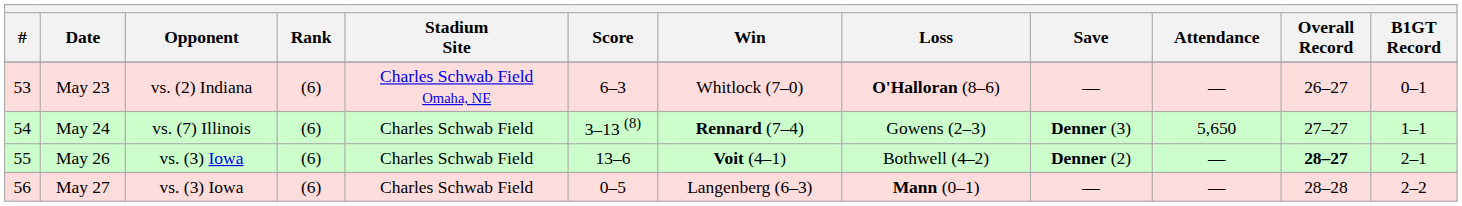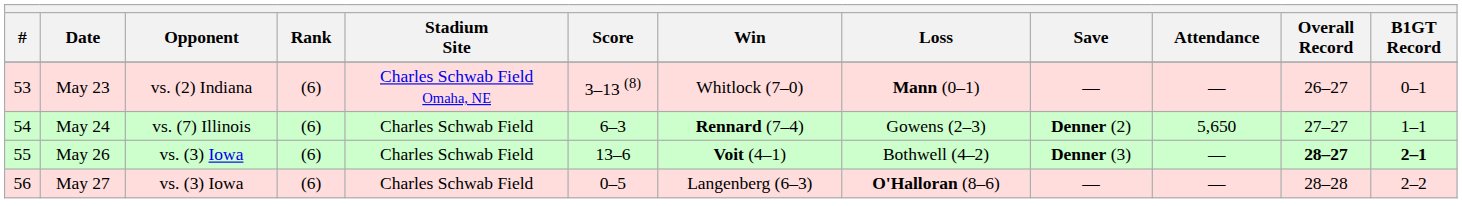 <table class="wikitable collapsible collapsed" style="margin:auto; width:100%; text-align:center; font-size:95%">
 <tr>
 <th colspan=12 style="padding-left:4em;"></th>
 </tr>
 <tr>
 <th>#</th>
 <th>Date</th>
 <th>Opponent</th>
 <th>Rank</th>
 <th>Stadium<br>Site</th>
 <th>Score</th>
 <th>Win</th>
 <th>Loss</th>
 <th>Save</th>
 <th>Attendance</th>
 <th>Overall<br>Record</th>
 <th>B1GT<br>Record</th>
 </tr>
 <tr>
 </tr>
 <tr align="center" bgcolor="#ffdddd">
 <td>53</td>
 <td>May 23</td>
 <td>vs. (2) Indiana</td>
 <td>(6)</td>
 <td><a href='#'>Charles Schwab Field</a><br><small><a href='#'>Omaha, NE</a></small></td>
-<td>6–3</td>
+<td>3–13 <sup>(8)</sup></td>
 <td>Whitlock (7–0)</td>
-<td><strong>O'Halloran</strong> (8–6)</td>
+<td><strong>Mann</strong> (0–1)</td>
 <td>—</td>
 <td>—</td>
 <td>26–27</td>
 <td>0–1</td>
 </tr>
 <tr align="center" bgcolor="#ccffcc">
 <td>54</td>
 <td>May 24</td>
 <td>vs. (7) Illinois</td>
 <td>(6)</td>
 <td>Charles Schwab Field</td>
-<td>3–13 <sup>(8)</sup></td>
+<td>6–3</td>
 <td><strong>Rennard</strong> (7–4)</td>
 <td>Gowens (2–3)</td>
-<td><strong>Denner</strong> (3)</td>
+<td><strong>Denner</strong> (2)</td>
 <td>5,650</td>
 <td>27–27</td>
 <td>1–1</td>
 </tr>
 <tr align="center" bgcolor="#ccffcc">
 <td>55</td>
 <td>May 26</td>
 <td>vs. (3) <a href='#'>Iowa</a></td>
 <td>(6)</td>
 <td>Charles Schwab Field</td>
 <td>13–6</td>
 <td><strong>Voit</strong> (4–1)</td>
 <td>Bothwell (4–2)</td>
-<td><strong>Denner</strong> (2)</td>
+<td><strong>Denner</strong> (3)</td>
 <td>—</td>
 <td><strong>28–27</strong></td>
-<td>2–1</td>
+<td><strong>2–1</strong></td>
 </tr>
 <tr align="center" bgcolor="#ffdddd">
 <td>56</td>
 <td>May 27</td>
 <td>vs. (3) Iowa</td>
 <td>(6)</td>
 <td>Charles Schwab Field</td>
 <td>0–5</td>
 <td>Langenberg (6–3)</td>
-<td><strong>Mann</strong> (0–1)</td>
+<td><strong>O'Halloran</strong> (8–6)</td>
 <td>—</td>
 <td>—</td>
 <td>28–28</td>
 <td>2–2</td>
 </tr>
 </table>
